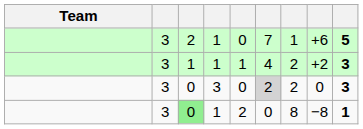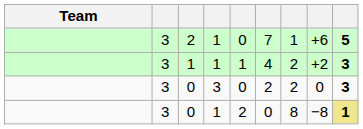 <table class="wikitable" style="text-align:center;">
 <tr>
 <th width=150>Team</th>
 <th width=20></th>
 <th width=20></th>
 <th width=20></th>
 <th width=20></th>
 <th width=20></th>
 <th width=20></th>
 <th width=20></th>
 <th width=20></th>
 </tr>
 <tr bgcolor="#ccffcc">
 <td align=left></td>
 <td>3</td>
 <td>2</td>
 <td>1</td>
 <td>0</td>
 <td>7</td>
 <td>1</td>
 <td>+6</td>
 <td><strong>5</strong></td>
 </tr>
 <tr bgcolor="#ccffcc">
 <td align=left></td>
 <td>3</td>
 <td>1</td>
 <td>1</td>
 <td>1</td>
 <td>4</td>
 <td>2</td>
 <td>+2</td>
 <td><strong>3</strong></td>
 </tr>
 <tr>
 <td align=left></td>
 <td>3</td>
 <td>0</td>
 <td>3</td>
 <td>0</td>
-<td style="background: lightgrey;">2</td>
+<td>2</td>
 <td>2</td>
 <td>0</td>
 <td><strong>3</strong></td>
 </tr>
 <tr>
 <td align=left></td>
 <td>3</td>
-<td style="background: lightgreen;">0</td>
+<td>0</td>
 <td>1</td>
 <td>2</td>
 <td>0</td>
 <td>8</td>
 <td>−8</td>
-<td><strong>1</strong></td>
+<td style="background: khaki;"><strong>1</strong></td>
 </tr>
 </table>
